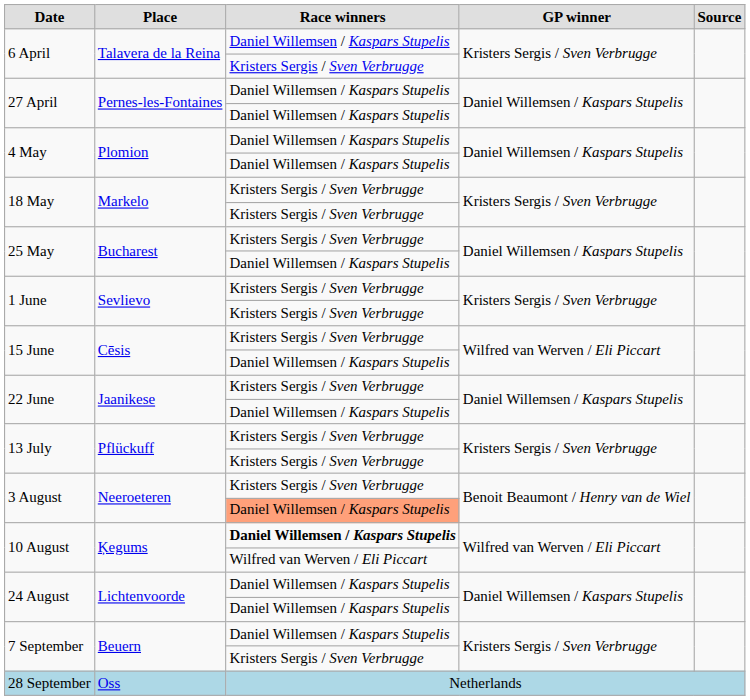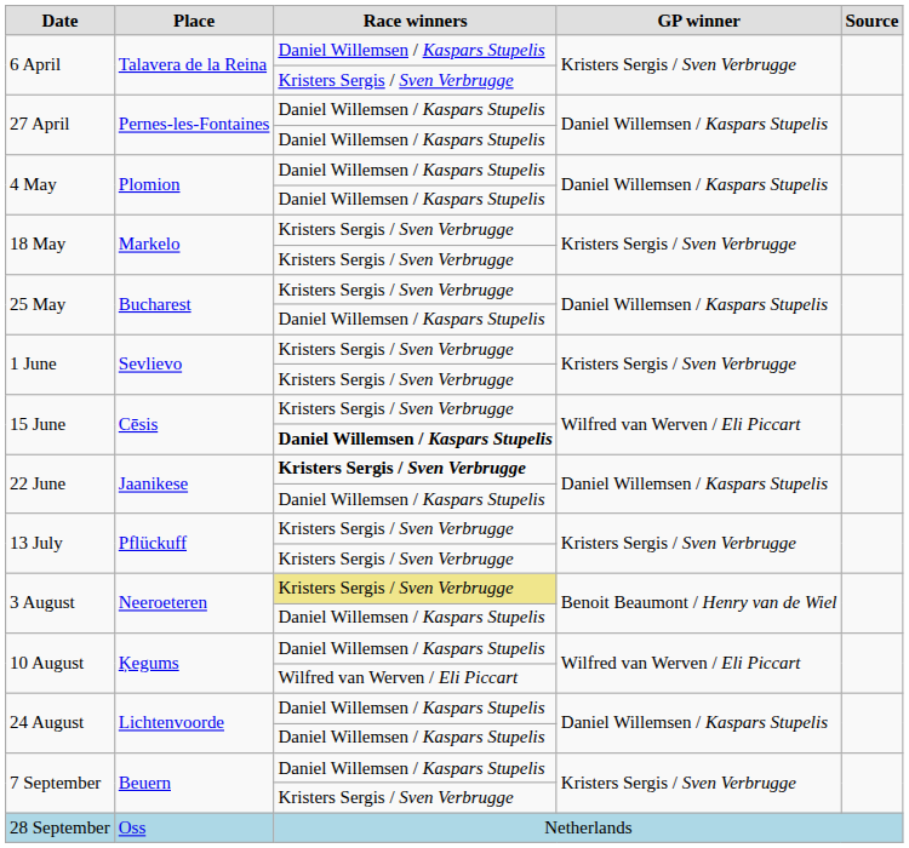 <table class="wikitable" style="font-size: 85%;">
 <tr align="center" style="background:#dfdfdf;">
 <td><strong>Date</strong></td>
 <td><strong>Place</strong></td>
 <td><strong>Race winners</strong></td>
 <td><strong>GP winner</strong></td>
 <td><strong>Source</strong></td>
 </tr>
 <tr>
 <td rowspan=2>6 April</td>
 <td rowspan=2> <a href='#'>Talavera de la Reina</a></td>
 <td> <a href='#'>Daniel Willemsen</a> / <em><a href='#'>Kaspars Stupelis</a></em></td>
 <td rowspan=2> Kristers Sergis / <em>Sven Verbrugge</em></td>
 <td rowspan=2></td>
 </tr>
 <tr>
 <td> <a href='#'>Kristers Sergis</a> / <em><a href='#'>Sven Verbrugge</a></em></td>
 </tr>
 <tr>
 <td rowspan=2>27 April</td>
 <td rowspan=2> <a href='#'>Pernes-les-Fontaines</a></td>
 <td> Daniel Willemsen / <em>Kaspars Stupelis</em></td>
 <td rowspan=2> Daniel Willemsen / <em>Kaspars Stupelis</em></td>
 <td rowspan=2></td>
 </tr>
 <tr>
 <td> Daniel Willemsen / <em>Kaspars Stupelis</em></td>
 </tr>
 <tr>
 <td rowspan=2>4 May</td>
 <td rowspan=2> <a href='#'>Plomion</a></td>
 <td> Daniel Willemsen / <em>Kaspars Stupelis</em></td>
 <td rowspan=2> Daniel Willemsen / <em>Kaspars Stupelis</em></td>
 <td rowspan=2></td>
 </tr>
 <tr>
 <td> Daniel Willemsen / <em>Kaspars Stupelis</em></td>
 </tr>
 <tr>
 <td rowspan=2>18 May</td>
 <td rowspan=2> <a href='#'>Markelo</a></td>
 <td> Kristers Sergis / <em>Sven Verbrugge</em></td>
 <td rowspan=2> Kristers Sergis / <em>Sven Verbrugge</em></td>
 <td rowspan=2></td>
 </tr>
 <tr>
 <td> Kristers Sergis / <em>Sven Verbrugge</em></td>
 </tr>
 <tr>
 <td rowspan=2>25 May</td>
 <td rowspan=2> <a href='#'>Bucharest</a></td>
 <td> Kristers Sergis / <em>Sven Verbrugge</em></td>
 <td rowspan=2> Daniel Willemsen / <em>Kaspars Stupelis</em></td>
 <td rowspan=2></td>
 </tr>
 <tr>
 <td> Daniel Willemsen / <em>Kaspars Stupelis</em></td>
 </tr>
 <tr>
 <td rowspan=2>1 June</td>
 <td rowspan=2> <a href='#'>Sevlievo</a></td>
 <td> Kristers Sergis / <em>Sven Verbrugge</em></td>
 <td rowspan=2> Kristers Sergis / <em>Sven Verbrugge</em></td>
 <td rowspan=2></td>
 </tr>
 <tr>
 <td> Kristers Sergis / <em>Sven Verbrugge</em></td>
 </tr>
 <tr>
 <td rowspan=2>15 June</td>
 <td rowspan=2> <a href='#'>Cēsis</a></td>
 <td> Kristers Sergis / <em>Sven Verbrugge</em></td>
 <td rowspan=2> Wilfred van Werven / <em>Eli Piccart</em></td>
 <td rowspan=2></td>
 </tr>
 <tr>
-<td> Daniel Willemsen / <em>Kaspars Stupelis</em></td>
+<td><strong> Daniel Willemsen / <em>Kaspars Stupelis</em></strong></td>
 </tr>
 <tr>
 <td rowspan=2>22 June</td>
 <td rowspan=2> <a href='#'>Jaanikese</a></td>
-<td> Kristers Sergis / <em>Sven Verbrugge</em></td>
+<td><strong> Kristers Sergis / <em>Sven Verbrugge</em></strong></td>
 <td rowspan=2> Daniel Willemsen / <em>Kaspars Stupelis</em></td>
 <td rowspan=2></td>
 </tr>
 <tr>
 <td> Daniel Willemsen / <em>Kaspars Stupelis</em></td>
 </tr>
 <tr>
 <td rowspan=2>13 July</td>
 <td rowspan=2> <a href='#'>Pflückuff</a></td>
 <td> Kristers Sergis / <em>Sven Verbrugge</em></td>
 <td rowspan=2> Kristers Sergis / <em>Sven Verbrugge</em></td>
 <td rowspan=2></td>
 </tr>
 <tr>
 <td> Kristers Sergis / <em>Sven Verbrugge</em></td>
 </tr>
 <tr>
 <td rowspan=2>3 August</td>
 <td rowspan=2> <a href='#'>Neeroeteren</a></td>
-<td> Kristers Sergis / <em>Sven Verbrugge</em></td>
+<td style="background: khaki;"> Kristers Sergis / <em>Sven Verbrugge</em></td>
 <td rowspan=2> Benoit Beaumont / <em>Henry van de Wiel</em></td>
 <td rowspan=2></td>
 </tr>
 <tr>
-<td style="background: lightsalmon;"> Daniel Willemsen / <em>Kaspars Stupelis</em></td>
+<td> Daniel Willemsen / <em>Kaspars Stupelis</em></td>
 </tr>
 <tr>
 <td rowspan=2>10 August</td>
 <td rowspan=2> <a href='#'>Ķegums</a></td>
-<td><strong> Daniel Willemsen / <em>Kaspars Stupelis</em></strong></td>
+<td> Daniel Willemsen / <em>Kaspars Stupelis</em></td>
 <td rowspan=2> Wilfred van Werven / <em>Eli Piccart</em></td>
 <td rowspan=2></td>
 </tr>
 <tr>
 <td> Wilfred van Werven / <em>Eli Piccart</em></td>
 </tr>
 <tr>
 <td rowspan=2>24 August</td>
 <td rowspan=2> <a href='#'>Lichtenvoorde</a></td>
 <td> Daniel Willemsen / <em>Kaspars Stupelis</em></td>
 <td rowspan=2> Daniel Willemsen / <em>Kaspars Stupelis</em></td>
 <td rowspan=2></td>
 </tr>
 <tr>
 <td> Daniel Willemsen / <em>Kaspars Stupelis</em></td>
 </tr>
 <tr>
 <td rowspan=2>7 September</td>
 <td rowspan=2> <a href='#'>Beuern</a></td>
 <td> Daniel Willemsen / <em>Kaspars Stupelis</em></td>
 <td rowspan=2> Kristers Sergis / <em>Sven Verbrugge</em></td>
 <td rowspan=2></td>
 </tr>
 <tr>
 <td> Kristers Sergis / <em>Sven Verbrugge</em></td>
 </tr>
 <tr style="background:lightblue;">
 <td rowspan=2>28 September</td>
 <td rowspan=2> <a href='#'>Oss</a></td>
 <td colspan=3 align="center"> Netherlands</td>
 </tr>
 </table>
